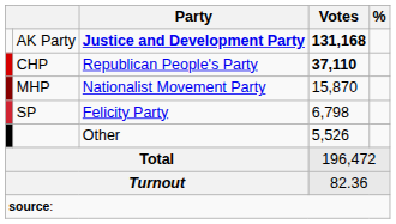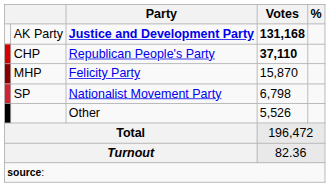 <table class="wikitable">
 <tr>
 <th colspan="2" align="center"></th>
 <th align="center">Party</th>
 <th align="center">Votes</th>
 <th align="center">%</th>
 </tr>
 <tr align="left">
 <td></td>
 <td>AK Party</td>
 <td><strong><a href='#'>Justice and Development Party</a></strong></td>
 <td><strong>131,168</strong></td>
 <td><strong></strong></td>
 </tr>
 <tr align="left">
 <td bgcolor="#d50000" width="1"></td>
 <td>CHP</td>
 <td><a href='#'>Republican People's Party</a></td>
 <td><strong>37,110</strong></td>
 <td></td>
 </tr>
 <tr align="left">
 <td bgcolor="#870000" width="1"></td>
 <td>MHP</td>
-<td><a href='#'>Nationalist Movement Party</a></td>
+<td><a href='#'>Felicity Party</a></td>
 <td>15,870</td>
 <td></td>
 </tr>
 <tr align="left">
 <td bgcolor="#D02433" width="1"></td>
 <td>SP</td>
-<td><a href='#'>Felicity Party</a></td>
+<td><a href='#'>Nationalist Movement Party</a></td>
 <td>6,798</td>
 <td></td>
 </tr>
 <tr align="left">
 <td bgcolor=" " width="1"></td>
 <td></td>
 <td>Other</td>
 <td>5,526</td>
 <td></td>
 </tr>
 <tr align="left" style="background-color:#E9E9E9">
 <th colspan="3" align="center"><strong>Total</strong></th>
 <td colspan="5" align="center">196,472</td>
 </tr>
 <tr align="left" style="background-color:#E9E9E9">
 <th colspan="3" align="center"><em>Turnout</em></th>
 <td colspan="5" align="center">82.36</td>
 </tr>
 <tr>
 <td colspan="9" align="left"><small><strong>source</strong>: </small></td>
 </tr>
 </table>
